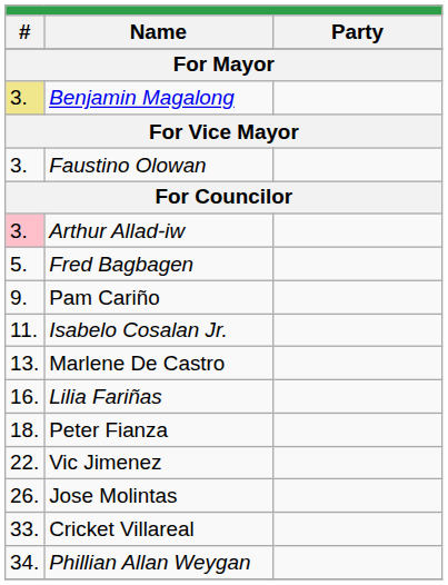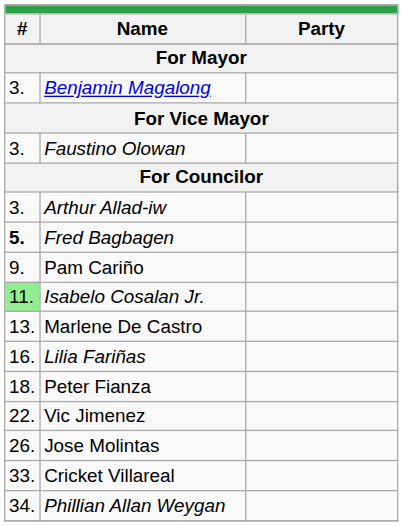 <table class="wikitable" style="font-size:90%">
 <tr>
 <td colspan="5" bgcolor="#2d9f48"></td>
 </tr>
 <tr>
 <th>#</th>
 <th width=150px>Name</th>
 <th colspan=2 width=110px>Party</th>
 </tr>
 <tr>
 </tr>
 <tr>
 <th colspan=5>For Mayor</th>
 </tr>
 <tr>
-<td style="background: khaki;">3.</td>
+<td>3.</td>
 <td><em><a href='#'>Benjamin Magalong</a></em></td>
 <td></td>
 </tr>
 <tr>
 <th colspan=5>For Vice Mayor</th>
 </tr>
 <tr>
 <td>3.</td>
 <td><em>Faustino Olowan</em></td>
 <td></td>
 </tr>
 <tr>
 <th colspan="5">For Councilor</th>
 </tr>
 <tr>
-<td style="background: pink;">3.</td>
+<td>3.</td>
 <td><em>Arthur Allad-iw</em></td>
 <td></td>
 </tr>
 <tr>
-<td>5.</td>
+<td><strong>5.</strong></td>
 <td><em>Fred Bagbagen</em></td>
 <td></td>
 </tr>
 <tr>
 <td>9.</td>
 <td>Pam Cariño</td>
 <td></td>
 </tr>
 <tr>
-<td>11.</td>
+<td style="background: lightgreen;">11.</td>
 <td><em>Isabelo Cosalan Jr.</em></td>
 <td></td>
 </tr>
 <tr>
 <td>13.</td>
 <td>Marlene De Castro</td>
 <td></td>
 </tr>
 <tr>
 <td>16.</td>
 <td><em>Lilia Fariñas</em></td>
 <td></td>
 </tr>
 <tr>
 <td>18.</td>
 <td>Peter Fianza</td>
 <td></td>
 </tr>
 <tr>
 <td>22.</td>
 <td>Vic Jimenez</td>
 <td></td>
 </tr>
 <tr>
 <td>26.</td>
 <td>Jose Molintas</td>
 <td></td>
 </tr>
 <tr>
 <td>33.</td>
 <td>Cricket Villareal</td>
 <td></td>
 </tr>
 <tr>
 <td>34.</td>
 <td><em>Phillian Allan Weygan</em></td>
 <td></td>
 </tr>
 <tr>
 </tr>
 </table>
